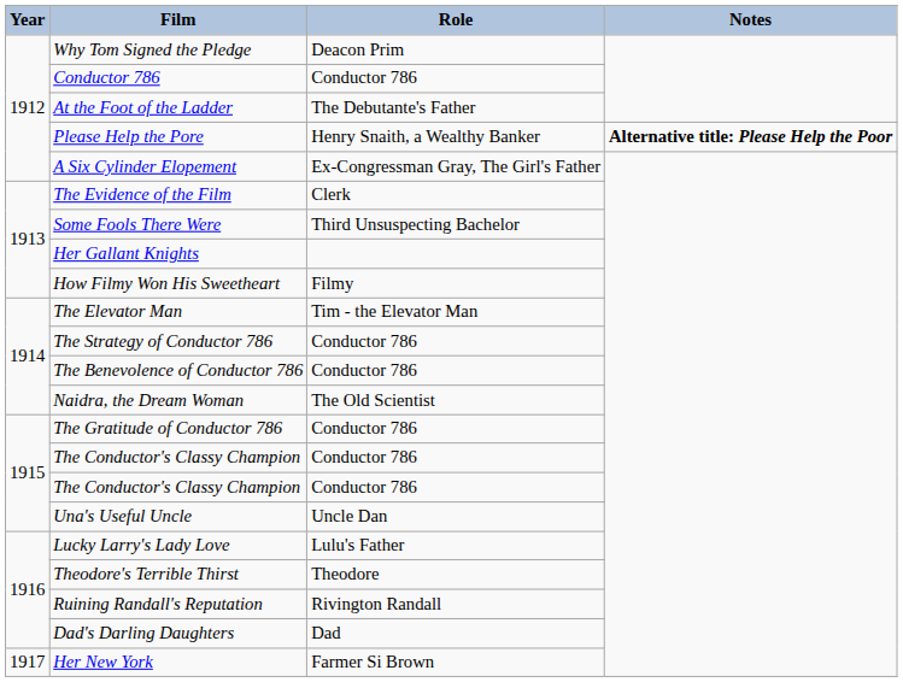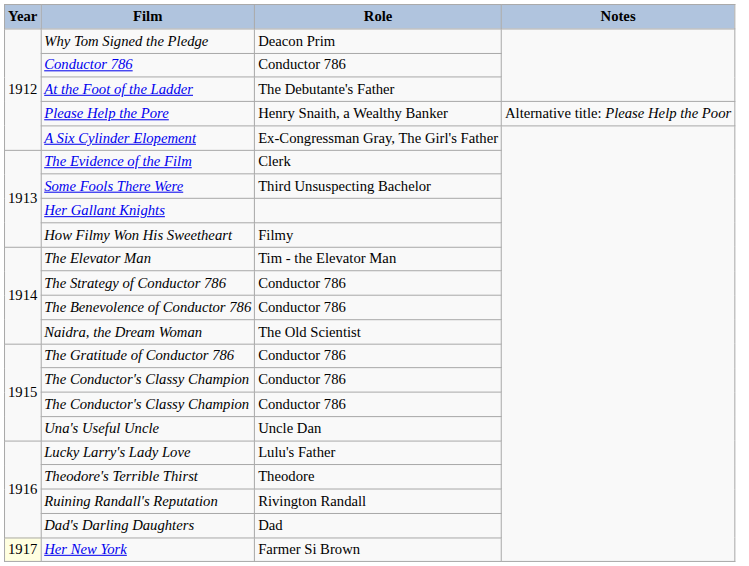 <table class="wikitable" style="font-size:90%;">
 <tr>
 <th style="background:#B0C4DE;">Year</th>
 <th style="background:#B0C4DE;">Film</th>
 <th style="background:#B0C4DE;">Role</th>
 <th style="background:#B0C4DE;">Notes</th>
 </tr>
 <tr>
 <td rowspan=5>1912</td>
 <td><em>Why Tom Signed the Pledge</em></td>
 <td>Deacon Prim</td>
 </tr>
 <tr>
 <td><em><a href='#'>Conductor 786</a></em></td>
 <td>Conductor 786</td>
 </tr>
 <tr>
 <td><em><a href='#'>At the Foot of the Ladder</a></em></td>
 <td>The Debutante's Father</td>
 </tr>
 <tr>
 <td><em><a href='#'>Please Help the Pore</a></em></td>
 <td>Henry Snaith, a Wealthy Banker</td>
-<td><strong>Alternative title: <em>Please Help the Poor</em></strong></td>
+<td>Alternative title: <em>Please Help the Poor</em></td>
 </tr>
 <tr>
 <td><em><a href='#'>A Six Cylinder Elopement</a></em></td>
 <td>Ex-Congressman Gray, The Girl's Father</td>
 </tr>
 <tr>
 <td rowspan=4>1913</td>
 <td><em><a href='#'>The Evidence of the Film</a></em></td>
 <td>Clerk</td>
 </tr>
 <tr>
 <td><em><a href='#'>Some Fools There Were</a></em></td>
 <td>Third Unsuspecting Bachelor</td>
 </tr>
 <tr>
 <td><em><a href='#'>Her Gallant Knights</a></em></td>
 <td></td>
 </tr>
 <tr>
 <td><em>How Filmy Won His Sweetheart</em></td>
 <td>Filmy</td>
 </tr>
 <tr>
 <td rowspan=4>1914</td>
 <td><em>The Elevator Man</em></td>
 <td>Tim - the Elevator Man</td>
 </tr>
 <tr>
 <td><em>The Strategy of Conductor 786</em></td>
 <td>Conductor 786</td>
 </tr>
 <tr>
 <td><em>The Benevolence of Conductor 786</em></td>
 <td>Conductor 786</td>
 </tr>
 <tr>
 <td><em>Naidra, the Dream Woman</em></td>
 <td>The Old Scientist</td>
 </tr>
 <tr>
 <td rowspan=4>1915</td>
 <td><em>The Gratitude of Conductor 786 </em></td>
 <td>Conductor 786</td>
 </tr>
 <tr>
 <td><em>The Conductor's Classy Champion</em></td>
 <td>Conductor 786</td>
 </tr>
 <tr>
 <td><em>The Conductor's Classy Champion</em></td>
 <td>Conductor 786</td>
 </tr>
 <tr>
 <td><em>Una's Useful Uncle</em></td>
 <td>Uncle Dan</td>
 </tr>
 <tr>
 <td rowspan=4>1916</td>
 <td><em>Lucky Larry's Lady Love</em></td>
 <td>Lulu's Father</td>
 </tr>
 <tr>
 <td><em>Theodore's Terrible Thirst</em></td>
 <td>Theodore</td>
 </tr>
 <tr>
 <td><em>Ruining Randall's Reputation</em></td>
 <td>Rivington Randall</td>
 </tr>
 <tr>
 <td><em>Dad's Darling Daughters</em></td>
 <td>Dad</td>
 </tr>
 <tr>
-<td>1917</td>
+<td style="background: lightyellow;">1917</td>
 <td><em><a href='#'>Her New York</a></em></td>
 <td>Farmer Si Brown</td>
 </tr>
 </table>
